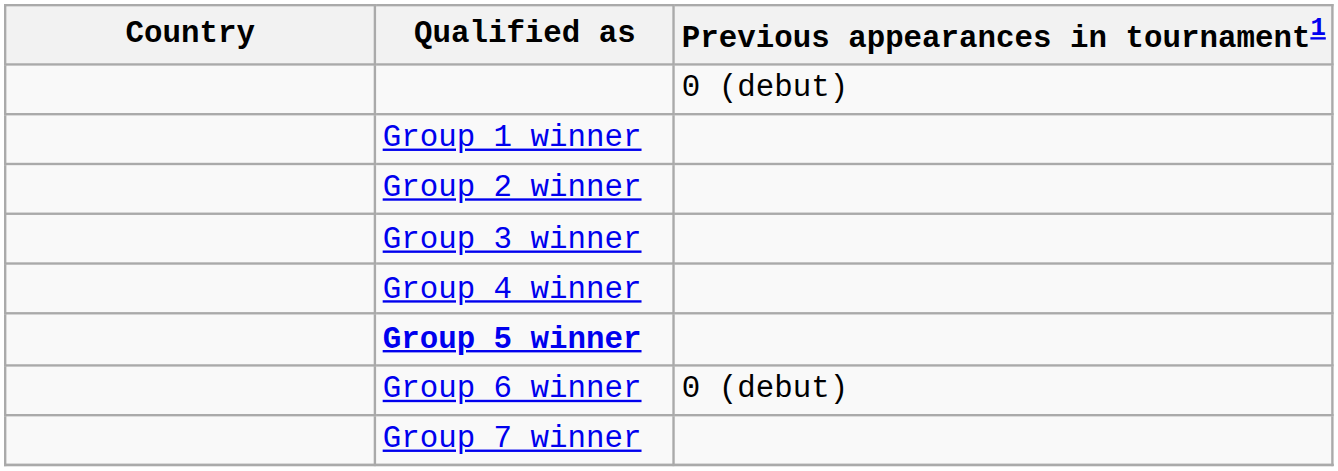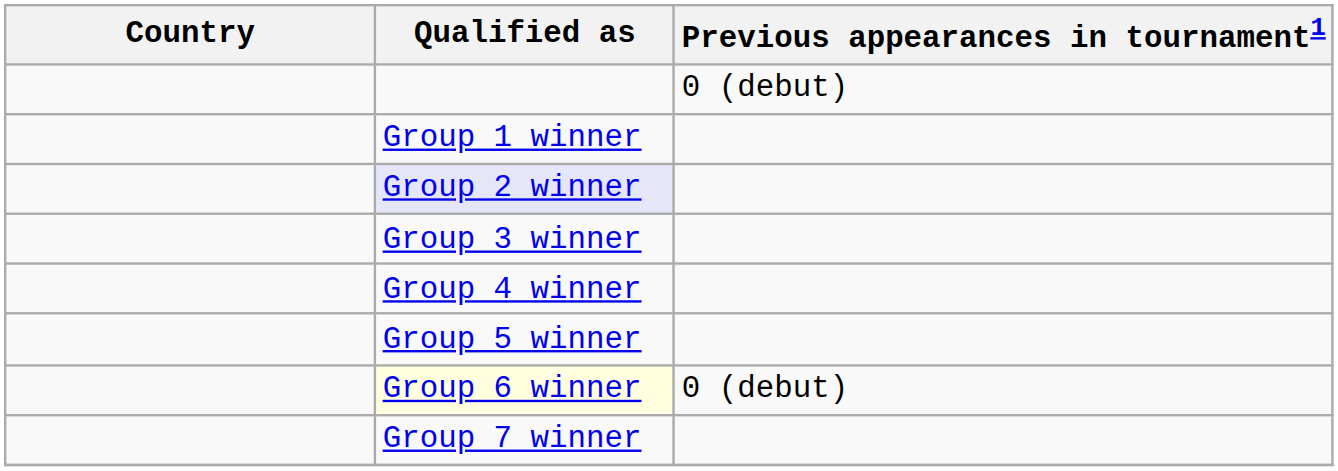 <table class="wikitable sortable">
 <tr>
 <th width=150px>Country</th>
 <th width=120px>Qualified as</th>
 <th>Previous appearances in tournament<sup><a href='#'>1</a></sup></th>
 </tr>
 <tr>
 <td></td>
 <td></td>
 <td>0 (debut)</td>
 </tr>
 <tr>
 <td></td>
 <td><a href='#'>Group 1 winner</a></td>
 <td></td>
 </tr>
 <tr>
 <td></td>
-<td><a href='#'>Group 2 winner</a></td>
+<td style="background: lavender;"><a href='#'>Group 2 winner</a></td>
 <td></td>
 </tr>
 <tr>
 <td></td>
 <td><a href='#'>Group 3 winner</a></td>
 <td></td>
 </tr>
 <tr>
 <td></td>
 <td><a href='#'>Group 4 winner</a></td>
 <td></td>
 </tr>
 <tr>
 <td></td>
-<td><strong><a href='#'>Group 5 winner</a></strong></td>
+<td><a href='#'>Group 5 winner</a></td>
 <td></td>
 </tr>
 <tr>
 <td></td>
-<td><a href='#'>Group 6 winner</a></td>
+<td style="background: lightyellow;"><a href='#'>Group 6 winner</a></td>
 <td>0 (debut)</td>
 </tr>
 <tr>
 <td></td>
 <td><a href='#'>Group 7 winner</a></td>
 <td></td>
 </tr>
 <tr>
 </tr>
 </table>
